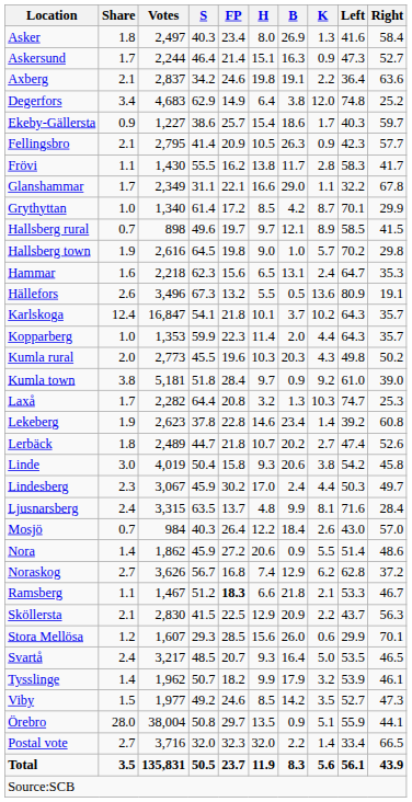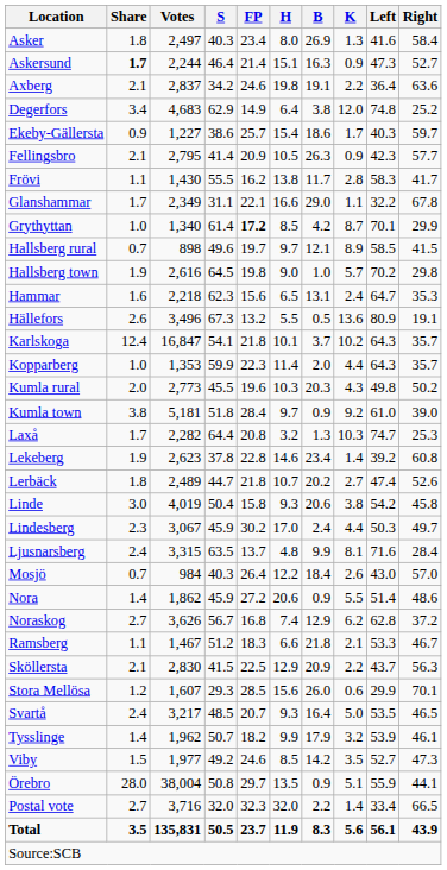 <table class="wikitable sortable" style=text-align:right>
 <tr>
 <th>Location</th>
 <th>Share</th>
 <th>Votes</th>
 <th><a href='#'>S</a></th>
 <th><a href='#'>FP</a></th>
 <th><a href='#'>H</a></th>
 <th><a href='#'>B</a></th>
 <th><a href='#'>K</a></th>
 <th>Left</th>
 <th>Right</th>
 </tr>
 <tr>
 <td align=left><a href='#'>Asker</a></td>
 <td>1.8</td>
 <td>2,497</td>
 <td>40.3</td>
 <td>23.4</td>
 <td>8.0</td>
 <td>26.9</td>
 <td>1.3</td>
 <td>41.6</td>
 <td>58.4</td>
 </tr>
 <tr>
 <td align=left><a href='#'>Askersund</a></td>
-<td>1.7</td>
+<td><strong>1.7</strong></td>
 <td>2,244</td>
 <td>46.4</td>
 <td>21.4</td>
 <td>15.1</td>
 <td>16.3</td>
 <td>0.9</td>
 <td>47.3</td>
 <td>52.7</td>
 </tr>
 <tr>
 <td align=left><a href='#'>Axberg</a></td>
 <td>2.1</td>
 <td>2,837</td>
 <td>34.2</td>
 <td>24.6</td>
 <td>19.8</td>
 <td>19.1</td>
 <td>2.2</td>
 <td>36.4</td>
 <td>63.6</td>
 </tr>
 <tr>
 <td align=left><a href='#'>Degerfors</a></td>
 <td>3.4</td>
 <td>4,683</td>
 <td>62.9</td>
 <td>14.9</td>
 <td>6.4</td>
 <td>3.8</td>
 <td>12.0</td>
 <td>74.8</td>
 <td>25.2</td>
 </tr>
 <tr>
 <td align=left><a href='#'>Ekeby-Gällersta</a></td>
 <td>0.9</td>
 <td>1,227</td>
 <td>38.6</td>
 <td>25.7</td>
 <td>15.4</td>
 <td>18.6</td>
 <td>1.7</td>
 <td>40.3</td>
 <td>59.7</td>
 </tr>
 <tr>
 <td align=left><a href='#'>Fellingsbro</a></td>
 <td>2.1</td>
 <td>2,795</td>
 <td>41.4</td>
 <td>20.9</td>
 <td>10.5</td>
 <td>26.3</td>
 <td>0.9</td>
 <td>42.3</td>
 <td>57.7</td>
 </tr>
 <tr>
 <td align=left><a href='#'>Frövi</a></td>
 <td>1.1</td>
 <td>1,430</td>
 <td>55.5</td>
 <td>16.2</td>
 <td>13.8</td>
 <td>11.7</td>
 <td>2.8</td>
 <td>58.3</td>
 <td>41.7</td>
 </tr>
 <tr>
 <td align=left><a href='#'>Glanshammar</a></td>
 <td>1.7</td>
 <td>2,349</td>
 <td>31.1</td>
 <td>22.1</td>
 <td>16.6</td>
 <td>29.0</td>
 <td>1.1</td>
 <td>32.2</td>
 <td>67.8</td>
 </tr>
 <tr>
 <td align=left><a href='#'>Grythyttan</a></td>
 <td>1.0</td>
 <td>1,340</td>
 <td>61.4</td>
-<td>17.2</td>
+<td><strong>17.2</strong></td>
 <td>8.5</td>
 <td>4.2</td>
 <td>8.7</td>
 <td>70.1</td>
 <td>29.9</td>
 </tr>
 <tr>
 <td align=left><a href='#'>Hallsberg rural</a></td>
 <td>0.7</td>
 <td>898</td>
 <td>49.6</td>
 <td>19.7</td>
 <td>9.7</td>
 <td>12.1</td>
 <td>8.9</td>
 <td>58.5</td>
 <td>41.5</td>
 </tr>
 <tr>
 <td align=left><a href='#'>Hallsberg town</a></td>
 <td>1.9</td>
 <td>2,616</td>
 <td>64.5</td>
 <td>19.8</td>
 <td>9.0</td>
 <td>1.0</td>
 <td>5.7</td>
 <td>70.2</td>
 <td>29.8</td>
 </tr>
 <tr>
 <td align=left><a href='#'>Hammar</a></td>
 <td>1.6</td>
 <td>2,218</td>
 <td>62.3</td>
 <td>15.6</td>
 <td>6.5</td>
 <td>13.1</td>
 <td>2.4</td>
 <td>64.7</td>
 <td>35.3</td>
 </tr>
 <tr>
 <td align=left><a href='#'>Hällefors</a></td>
 <td>2.6</td>
 <td>3,496</td>
 <td>67.3</td>
 <td>13.2</td>
 <td>5.5</td>
 <td>0.5</td>
 <td>13.6</td>
 <td>80.9</td>
 <td>19.1</td>
 </tr>
 <tr>
 <td align=left><a href='#'>Karlskoga</a></td>
 <td>12.4</td>
 <td>16,847</td>
 <td>54.1</td>
 <td>21.8</td>
 <td>10.1</td>
 <td>3.7</td>
 <td>10.2</td>
 <td>64.3</td>
 <td>35.7</td>
 </tr>
 <tr>
 <td align=left><a href='#'>Kopparberg</a></td>
 <td>1.0</td>
 <td>1,353</td>
 <td>59.9</td>
 <td>22.3</td>
 <td>11.4</td>
 <td>2.0</td>
 <td>4.4</td>
 <td>64.3</td>
 <td>35.7</td>
 </tr>
 <tr>
 <td align=left><a href='#'>Kumla rural</a></td>
 <td>2.0</td>
 <td>2,773</td>
 <td>45.5</td>
 <td>19.6</td>
 <td>10.3</td>
 <td>20.3</td>
 <td>4.3</td>
 <td>49.8</td>
 <td>50.2</td>
 </tr>
 <tr>
 <td align=left><a href='#'>Kumla town</a></td>
 <td>3.8</td>
 <td>5,181</td>
 <td>51.8</td>
 <td>28.4</td>
 <td>9.7</td>
 <td>0.9</td>
 <td>9.2</td>
 <td>61.0</td>
 <td>39.0</td>
 </tr>
 <tr>
 <td align=left><a href='#'>Laxå</a></td>
 <td>1.7</td>
 <td>2,282</td>
 <td>64.4</td>
 <td>20.8</td>
 <td>3.2</td>
 <td>1.3</td>
 <td>10.3</td>
 <td>74.7</td>
 <td>25.3</td>
 </tr>
 <tr>
 <td align=left><a href='#'>Lekeberg</a></td>
 <td>1.9</td>
 <td>2,623</td>
 <td>37.8</td>
 <td>22.8</td>
 <td>14.6</td>
 <td>23.4</td>
 <td>1.4</td>
 <td>39.2</td>
 <td>60.8</td>
 </tr>
 <tr>
 <td align=left><a href='#'>Lerbäck</a></td>
 <td>1.8</td>
 <td>2,489</td>
 <td>44.7</td>
 <td>21.8</td>
 <td>10.7</td>
 <td>20.2</td>
 <td>2.7</td>
 <td>47.4</td>
 <td>52.6</td>
 </tr>
 <tr>
 <td align=left><a href='#'>Linde</a></td>
 <td>3.0</td>
 <td>4,019</td>
 <td>50.4</td>
 <td>15.8</td>
 <td>9.3</td>
 <td>20.6</td>
 <td>3.8</td>
 <td>54.2</td>
 <td>45.8</td>
 </tr>
 <tr>
 <td align=left><a href='#'>Lindesberg</a></td>
 <td>2.3</td>
 <td>3,067</td>
 <td>45.9</td>
 <td>30.2</td>
 <td>17.0</td>
 <td>2.4</td>
 <td>4.4</td>
 <td>50.3</td>
 <td>49.7</td>
 </tr>
 <tr>
 <td align=left><a href='#'>Ljusnarsberg</a></td>
 <td>2.4</td>
 <td>3,315</td>
 <td>63.5</td>
 <td>13.7</td>
 <td>4.8</td>
 <td>9.9</td>
 <td>8.1</td>
 <td>71.6</td>
 <td>28.4</td>
 </tr>
 <tr>
 <td align=left><a href='#'>Mosjö</a></td>
 <td>0.7</td>
 <td>984</td>
 <td>40.3</td>
 <td>26.4</td>
 <td>12.2</td>
 <td>18.4</td>
 <td>2.6</td>
 <td>43.0</td>
 <td>57.0</td>
 </tr>
 <tr>
 <td align=left><a href='#'>Nora</a></td>
 <td>1.4</td>
 <td>1,862</td>
 <td>45.9</td>
 <td>27.2</td>
 <td>20.6</td>
 <td>0.9</td>
 <td>5.5</td>
 <td>51.4</td>
 <td>48.6</td>
 </tr>
 <tr>
 <td align=left><a href='#'>Noraskog</a></td>
 <td>2.7</td>
 <td>3,626</td>
 <td>56.7</td>
 <td>16.8</td>
 <td>7.4</td>
 <td>12.9</td>
 <td>6.2</td>
 <td>62.8</td>
 <td>37.2</td>
 </tr>
 <tr>
 <td align=left><a href='#'>Ramsberg</a></td>
 <td>1.1</td>
 <td>1,467</td>
 <td>51.2</td>
-<td><strong>18.3</strong></td>
+<td>18.3</td>
 <td>6.6</td>
 <td>21.8</td>
 <td>2.1</td>
 <td>53.3</td>
 <td>46.7</td>
 </tr>
 <tr>
 <td align=left><a href='#'>Sköllersta</a></td>
 <td>2.1</td>
 <td>2,830</td>
 <td>41.5</td>
 <td>22.5</td>
 <td>12.9</td>
 <td>20.9</td>
 <td>2.2</td>
 <td>43.7</td>
 <td>56.3</td>
 </tr>
 <tr>
 <td align=left><a href='#'>Stora Mellösa</a></td>
 <td>1.2</td>
 <td>1,607</td>
 <td>29.3</td>
 <td>28.5</td>
 <td>15.6</td>
 <td>26.0</td>
 <td>0.6</td>
 <td>29.9</td>
 <td>70.1</td>
 </tr>
 <tr>
 <td align=left><a href='#'>Svartå</a></td>
 <td>2.4</td>
 <td>3,217</td>
 <td>48.5</td>
 <td>20.7</td>
 <td>9.3</td>
 <td>16.4</td>
 <td>5.0</td>
 <td>53.5</td>
 <td>46.5</td>
 </tr>
 <tr>
 <td align=left><a href='#'>Tysslinge</a></td>
 <td>1.4</td>
 <td>1,962</td>
 <td>50.7</td>
 <td>18.2</td>
 <td>9.9</td>
 <td>17.9</td>
 <td>3.2</td>
 <td>53.9</td>
 <td>46.1</td>
 </tr>
 <tr>
 <td align=left><a href='#'>Viby</a></td>
 <td>1.5</td>
 <td>1,977</td>
 <td>49.2</td>
 <td>24.6</td>
 <td>8.5</td>
 <td>14.2</td>
 <td>3.5</td>
 <td>52.7</td>
 <td>47.3</td>
 </tr>
 <tr>
 <td align=left><a href='#'>Örebro</a></td>
 <td>28.0</td>
 <td>38,004</td>
 <td>50.8</td>
 <td>29.7</td>
 <td>13.5</td>
 <td>0.9</td>
 <td>5.1</td>
 <td>55.9</td>
 <td>44.1</td>
 </tr>
 <tr>
 <td align=left><a href='#'>Postal vote</a></td>
 <td>2.7</td>
 <td>3,716</td>
 <td>32.0</td>
 <td>32.3</td>
 <td>32.0</td>
 <td>2.2</td>
 <td>1.4</td>
 <td>33.4</td>
 <td>66.5</td>
 </tr>
 <tr>
 <td align=left><strong>Total</strong></td>
 <td><strong>3.5</strong></td>
 <td><strong>135,831</strong></td>
 <td><strong>50.5</strong></td>
 <td><strong>23.7</strong></td>
 <td><strong>11.9</strong></td>
 <td><strong>8.3</strong></td>
 <td><strong>5.6</strong></td>
 <td><strong>56.1</strong></td>
 <td><strong>43.9</strong></td>
 </tr>
 <tr>
 <td align=left colspan=10>Source:SCB </td>
 </tr>
 </table>
